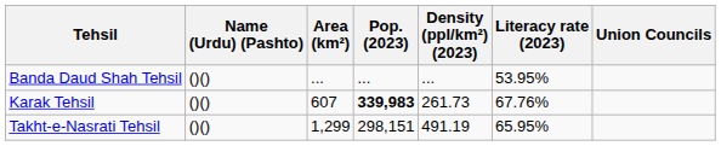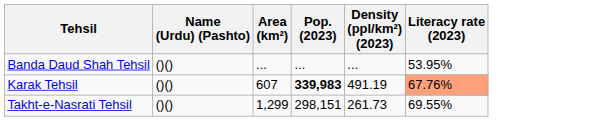 <table class="wikitable sortable static-row-numbers static-row-header-hash">
 <tr>
 <th>Tehsil</th>
 <th>Name<br>(Urdu) (Pashto)</th>
 <th>Area<br>(km²)</th>
 <th>Pop.<br>(2023)</th>
 <th>Density<br>(ppl/km²)<br>(2023)</th>
 <th>Literacy rate<br>(2023)</th>
-<th>Union Councils</th>
 </tr>
 <tr>
 <td><a href='#'>Banda Daud Shah Tehsil</a></td>
 <td>()()</td>
 <td>...</td>
 <td>...</td>
 <td>...</td>
 <td>53.95%</td>
-<td></td>
 </tr>
 <tr>
 <td><a href='#'>Karak Tehsil</a></td>
 <td>()()</td>
 <td>607</td>
 <td><strong>339,983</strong></td>
-<td>261.73</td>
-<td>67.76%</td>
-<td></td>
+<td>491.19</td>
+<td style="background: lightsalmon;">67.76%</td>
 </tr>
 <tr>
 <td><a href='#'>Takht-e-Nasrati Tehsil</a></td>
 <td>()()</td>
 <td>1,299</td>
 <td>298,151</td>
-<td>491.19</td>
-<td>65.95%</td>
-<td></td>
+<td>261.73</td>
+<td>69.55%</td>
 </tr>
 </table>
